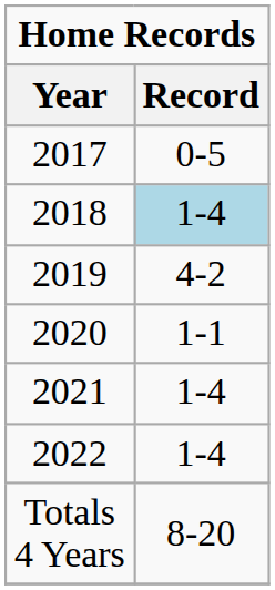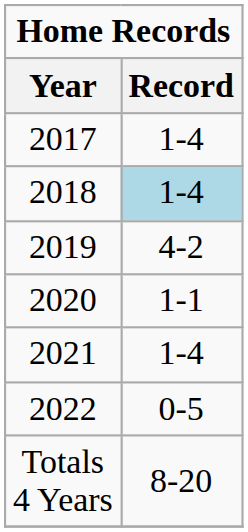 <table class="wikitable sortable" style="text-align:center">
 <tr>
 <td colspan="2"><strong>Home Records</strong></td>
 </tr>
 <tr>
 <th>Year</th>
 <th>Record</th>
 </tr>
 <tr>
 <td>2017</td>
-<td>0-5</td>
+<td>1-4</td>
 </tr>
 <tr>
 <td>2018</td>
 <td style="background: lightblue;">1-4</td>
 </tr>
 <tr>
 <td>2019</td>
 <td>4-2</td>
 </tr>
 <tr>
 <td>2020</td>
 <td>1-1</td>
 </tr>
 <tr>
 <td>2021</td>
 <td>1-4</td>
 </tr>
 <tr>
 <td>2022</td>
-<td>1-4</td>
+<td>0-5</td>
 </tr>
 <tr>
 <td>Totals<br>4 Years</td>
 <td>8-20<br></td>
 </tr>
 <tr>
 </tr>
 </table>
